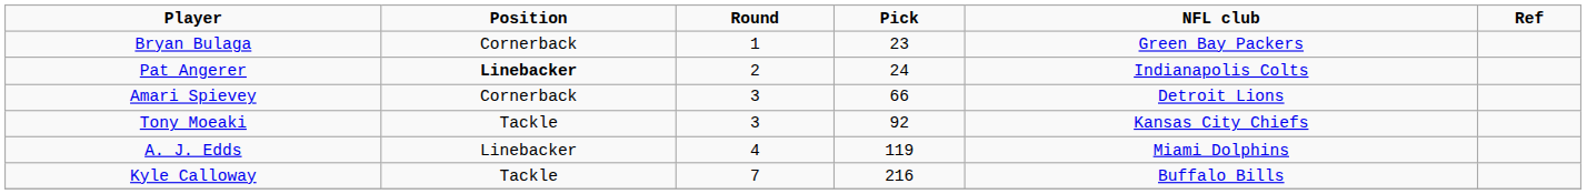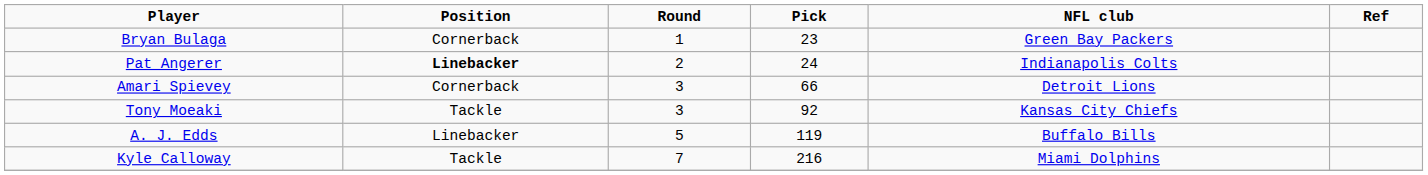 <table class="wikitable" width="80%">
 <tr align="center">
 <td><strong>Player</strong></td>
 <td><strong>Position</strong></td>
 <td><strong>Round</strong></td>
 <td><strong>Pick</strong></td>
 <td><strong>NFL club</strong></td>
 <td><strong>Ref</strong></td>
 </tr>
 <tr align="center" bgcolor="">
 <td><a href='#'>Bryan Bulaga</a></td>
 <td>Cornerback</td>
 <td>1</td>
 <td>23</td>
 <td><a href='#'>Green Bay Packers</a></td>
 <td></td>
 </tr>
 <tr align="center" bgcolor="">
 <td><a href='#'>Pat Angerer</a></td>
 <td><strong>Linebacker</strong></td>
 <td>2</td>
 <td>24</td>
 <td><a href='#'>Indianapolis Colts</a></td>
 <td></td>
 </tr>
 <tr align="center" bgcolor="">
 <td><a href='#'>Amari Spievey</a></td>
 <td>Cornerback</td>
 <td>3</td>
 <td>66</td>
 <td><a href='#'>Detroit Lions</a></td>
 <td></td>
 </tr>
 <tr align="center" bgcolor="">
 <td><a href='#'>Tony Moeaki</a></td>
 <td>Tackle</td>
 <td>3</td>
 <td>92</td>
 <td><a href='#'>Kansas City Chiefs</a></td>
 <td></td>
 </tr>
 <tr align="center" bgcolor="">
 <td><a href='#'>A. J. Edds</a></td>
 <td>Linebacker</td>
-<td>4</td>
+<td>5</td>
 <td>119</td>
-<td><a href='#'>Miami Dolphins</a></td>
+<td><a href='#'>Buffalo Bills</a></td>
 <td></td>
 </tr>
 <tr align="center" bgcolor="">
 <td><a href='#'>Kyle Calloway</a></td>
 <td>Tackle</td>
 <td>7</td>
 <td>216</td>
-<td><a href='#'>Buffalo Bills</a></td>
+<td><a href='#'>Miami Dolphins</a></td>
 <td></td>
 </tr>
 <tr align="center" bgcolor="">
 </tr>
 </table>
